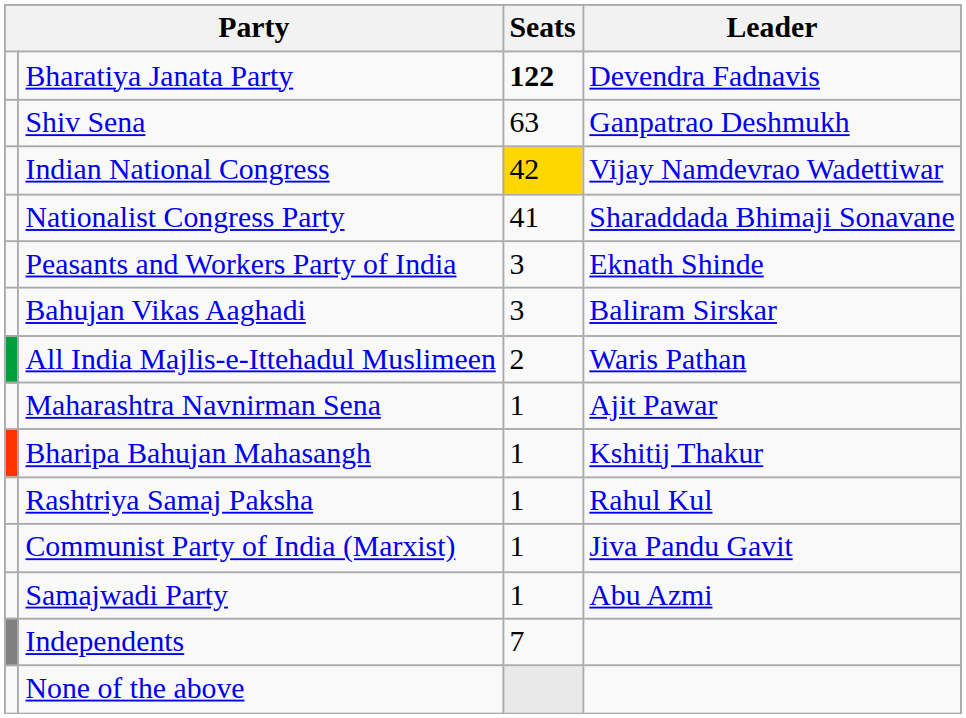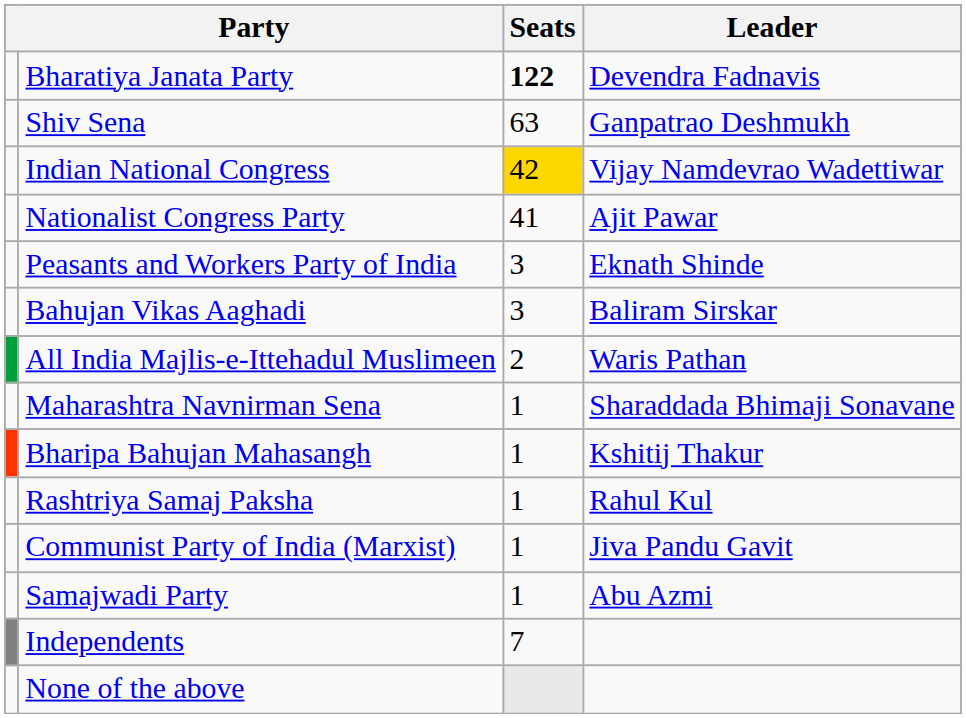 <table class="wikitable sortable">
 <tr>
 <th colspan="2" width="150">Party</th>
 <th>Seats</th>
 <th>Leader</th>
 </tr>
 <tr>
 <td style="background-color:"></td>
 <td><a href='#'>Bharatiya Janata Party</a></td>
 <td><strong>122</strong></td>
 <td><a href='#'>Devendra Fadnavis</a></td>
 </tr>
 <tr>
 <td style="background-color: "></td>
 <td><a href='#'>Shiv Sena</a></td>
 <td>63</td>
 <td><a href='#'>Ganpatrao Deshmukh</a></td>
 </tr>
 <tr>
 <td style="background-color: "></td>
 <td><a href='#'>Indian National Congress</a></td>
 <td style="background: gold;">42</td>
 <td><a href='#'>Vijay Namdevrao Wadettiwar</a></td>
 </tr>
 <tr>
 <td style="background-color: "></td>
 <td><a href='#'>Nationalist Congress Party</a></td>
 <td>41</td>
-<td><a href='#'>Sharaddada Bhimaji Sonavane</a></td>
+<td><a href='#'>Ajit Pawar</a></td>
 </tr>
 <tr>
 <td style="background-color: "></td>
 <td><a href='#'>Peasants and Workers Party of India</a></td>
 <td>3</td>
 <td><a href='#'>Eknath Shinde</a></td>
 </tr>
 <tr>
 <td style="background-color: "></td>
 <td><a href='#'>Bahujan Vikas Aaghadi</a></td>
 <td>3</td>
 <td><a href='#'>Baliram Sirskar</a></td>
 </tr>
 <tr>
 <td style="background-color: #009F3C"></td>
 <td><a href='#'>All India Majlis-e-Ittehadul Muslimeen</a></td>
 <td>2</td>
 <td><a href='#'>Waris Pathan</a></td>
 </tr>
 <tr>
 <td style="background-color: "></td>
 <td><a href='#'>Maharashtra Navnirman Sena</a></td>
 <td>1</td>
-<td><a href='#'>Ajit Pawar</a></td>
+<td><a href='#'>Sharaddada Bhimaji Sonavane</a></td>
 </tr>
 <tr>
 <td style="color:inherit;background:#FF3300"></td>
 <td><a href='#'>Bharipa Bahujan Mahasangh</a></td>
 <td>1</td>
 <td><a href='#'>Kshitij Thakur</a></td>
 </tr>
 <tr>
 <td style="background-color: "></td>
 <td><a href='#'>Rashtriya Samaj Paksha</a></td>
 <td>1</td>
 <td><a href='#'>Rahul Kul</a></td>
 </tr>
 <tr>
 <td style="background-color: "></td>
 <td><a href='#'>Communist Party of India (Marxist)</a></td>
 <td>1</td>
 <td><a href='#'>Jiva Pandu Gavit</a></td>
 </tr>
 <tr>
 <td style="background-color: "></td>
 <td><a href='#'>Samajwadi Party</a></td>
 <td>1</td>
 <td><a href='#'>Abu Azmi</a></td>
 </tr>
 <tr>
 <td style="background-color:grey"></td>
 <td><a href='#'>Independents</a></td>
 <td>7</td>
 <td></td>
 </tr>
 <tr>
 <td></td>
 <td><a href='#'>None of the above</a></td>
 <td style="color:inherit;background:#E9E9E9"></td>
 <td></td>
 </tr>
 </table>
